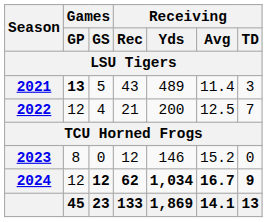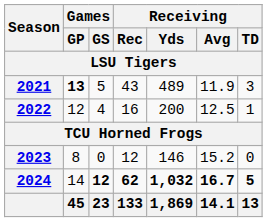 <table class="wikitable" style="text-align:center;">
 <tr>
 <th rowspan="2">Season</th>
 <th colspan="2">Games</th>
 <th colspan="4">Receiving</th>
 </tr>
 <tr>
 <th>GP</th>
 <th>GS</th>
 <th>Rec</th>
 <th>Yds</th>
 <th>Avg</th>
 <th>TD</th>
 </tr>
 <tr>
 <th colspan="16">LSU Tigers</th>
 </tr>
 <tr>
 <th><a href='#'>2021</a></th>
 <td><strong>13</strong></td>
 <td>5</td>
 <td>43</td>
 <td>489</td>
-<td>11.4</td>
+<td>11.9</td>
 <td>3</td>
 </tr>
 <tr>
 <th><a href='#'>2022</a></th>
 <td>12</td>
 <td>4</td>
-<td>21</td>
+<td>16</td>
 <td>200</td>
 <td>12.5</td>
-<td>7</td>
+<td>1</td>
 </tr>
 <tr>
 <th colspan="16">TCU Horned Frogs</th>
 </tr>
 <tr>
 <th><a href='#'>2023</a></th>
 <td>8</td>
 <td>0</td>
 <td>12</td>
 <td>146</td>
 <td>15.2</td>
 <td>0</td>
 </tr>
 <tr>
 <th><a href='#'>2024</a></th>
-<td>12</td>
+<td>14</td>
 <td><strong>12</strong></td>
 <td><strong>62</strong></td>
-<td><strong>1,034</strong></td>
+<td><strong>1,032</strong></td>
 <td><strong>16.7</strong></td>
-<td><strong>9</strong></td>
+<td><strong>5</strong></td>
 </tr>
 <tr>
 <th></th>
 <th>45</th>
 <th>23</th>
 <th>133</th>
 <th>1,869</th>
 <th>14.1</th>
 <th>13</th>
 </tr>
 </table>
